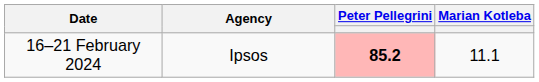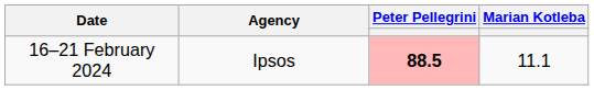 <table class="wikitable" style="text-align:center;">
 <tr style="font-size:80%;">
 <th style="width:150px;" rowspan="2">Date</th>
 <th style="width:165px;" rowspan="2">Agency</th>
 <th><a href='#'>Peter Pellegrini</a></th>
 <th><a href='#'>Marian Kotleba</a></th>
 </tr>
 <tr>
 <th style="background:"></th>
 <th style="background:"></th>
 </tr>
 <tr>
 <td>16–21 February 2024</td>
 <td>Ipsos</td>
-<td style="background:#FFB7B7;"><strong>85.2</strong></td>
+<td style="background:#FFB7B7;"><strong>88.5</strong></td>
 <td>11.1</td>
 </tr>
 </table>
